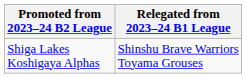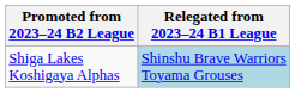 <table class="wikitable">
 <tr>
 <th>Promoted from<br><a href='#'>2023–24 B2 League</a></th>
 <th>Relegated from<br><a href='#'>2023–24 B1 League</a></th>
 </tr>
 <tr>
 <td><a href='#'>Shiga Lakes</a><br><a href='#'>Koshigaya Alphas</a></td>
-<td><a href='#'>Shinshu Brave Warriors</a><br><a href='#'>Toyama Grouses</a></td>
+<td style="background: lightblue;"><a href='#'>Shinshu Brave Warriors</a><br><a href='#'>Toyama Grouses</a></td>
 </tr>
 </table>
